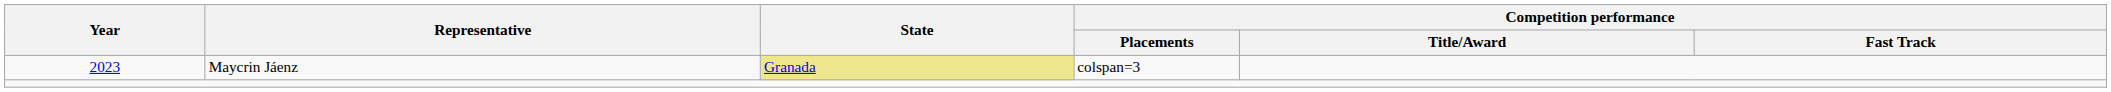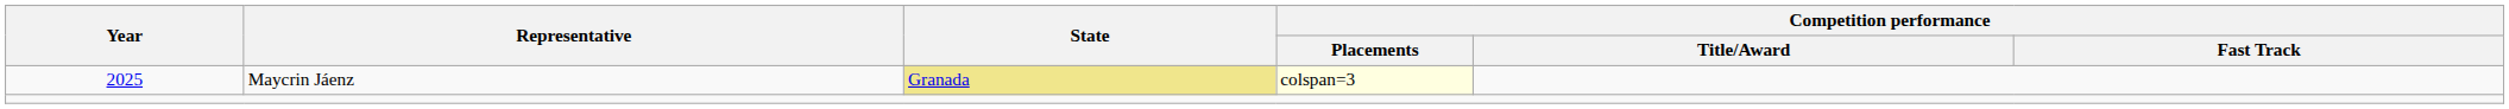 <table class="wikitable defaultcenter" style="font-size:90%; width:100%;">
 <tr>
 <th rowspan=2>Year</th>
 <th rowspan=2>Representative</th>
 <th rowspan=2>State</th>
 <th colspan=3>Competition performance</th>
 </tr>
 <tr>
 <th width=150px>Placements</th>
 <th>Title/Award</th>
 <th>Fast Track</th>
 </tr>
 <tr>
-<td align="center"><a href='#'>2023</a></td>
+<td align="center"><a href='#'>2025</a></td>
 <td>Maycrin Jáenz</td>
 <td style="background: khaki;"><a href='#'>Granada</a></td>
-<td>colspan=3 </td>
+<td style="background: lightyellow;">colspan=3 </td>
 </tr>
 <tr>
 <td colspan=6></td>
 </tr>
 </table>
